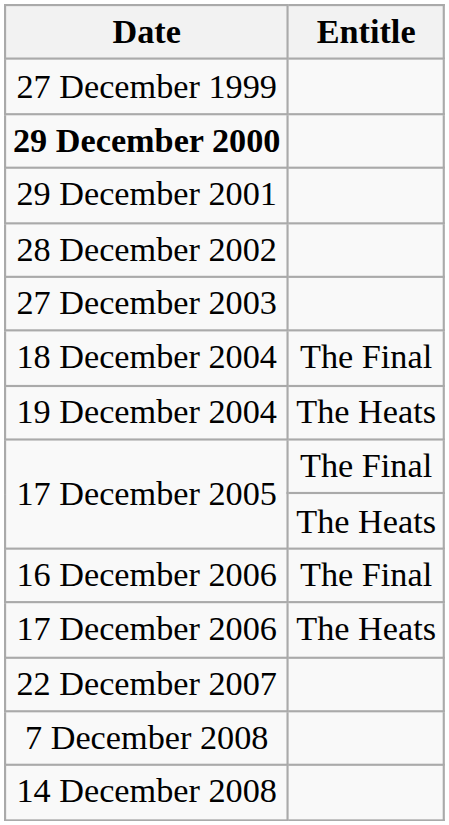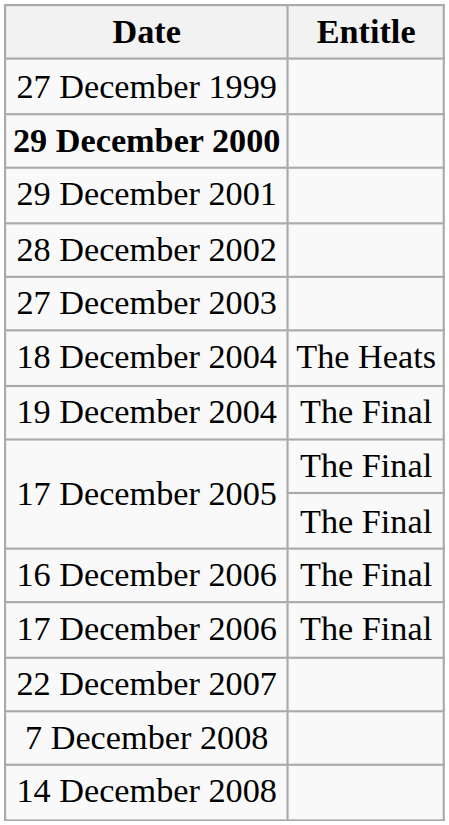 <table class="wikitable" style="text-align:center;">
 <tr>
 <th>Date</th>
 <th>Entitle</th>
 </tr>
 <tr>
 <td>27 December 1999</td>
 <td></td>
 </tr>
 <tr>
 <td><strong>29 December 2000</strong></td>
 <td></td>
 </tr>
 <tr>
 <td>29 December 2001</td>
 <td></td>
 </tr>
 <tr>
 <td>28 December 2002</td>
 <td></td>
 </tr>
 <tr>
 <td>27 December 2003</td>
 <td></td>
 </tr>
 <tr>
 <td>18 December 2004</td>
-<td>The Final</td>
+<td>The Heats</td>
 </tr>
 <tr>
 <td>19 December 2004</td>
-<td>The Heats</td>
+<td>The Final</td>
 </tr>
 <tr>
 <td rowspan="2">17 December 2005</td>
 <td>The Final</td>
 </tr>
 <tr>
-<td>The Heats</td>
+<td>The Final</td>
 </tr>
 <tr>
 <td>16 December 2006</td>
 <td>The Final</td>
 </tr>
 <tr>
 <td>17 December 2006</td>
-<td>The Heats</td>
+<td>The Final</td>
 </tr>
 <tr>
 <td>22 December 2007</td>
 <td></td>
 </tr>
 <tr>
 <td>7 December 2008</td>
 <td></td>
 </tr>
 <tr>
 <td>14 December 2008</td>
 <td></td>
 </tr>
 </table>
